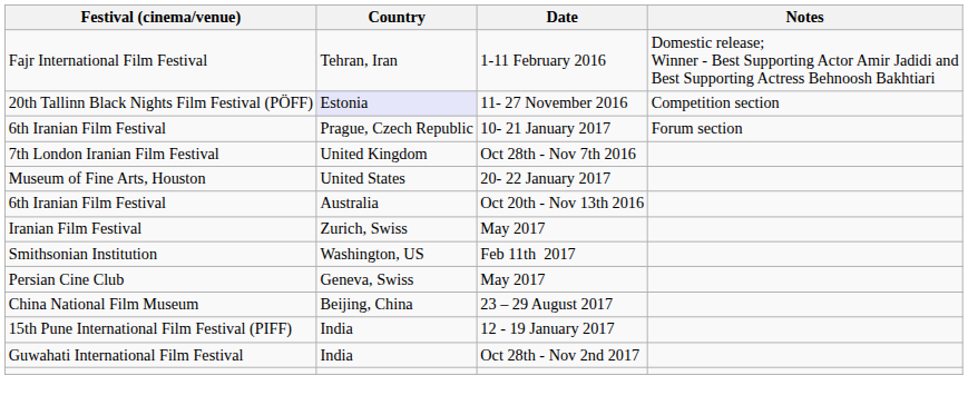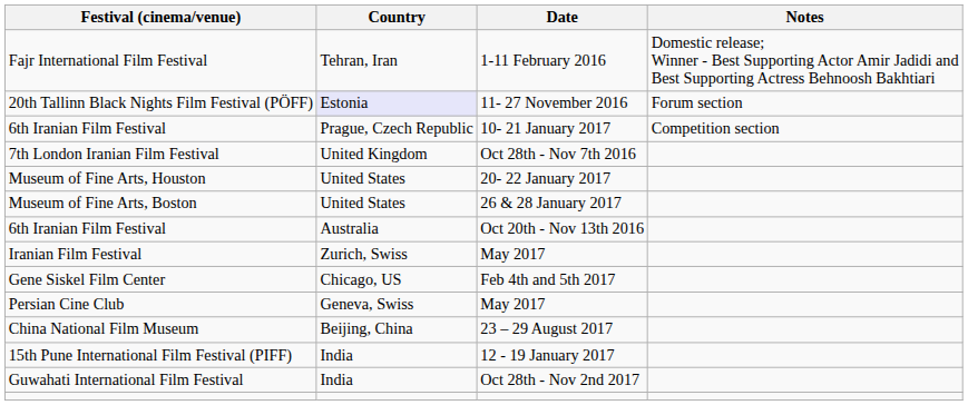 <table class="wikitable">
 <tr>
 <th>Festival (cinema/venue)</th>
 <th>Country</th>
 <th>Date</th>
 <th>Notes</th>
 </tr>
 <tr>
 <td>Fajr International Film Festival</td>
 <td>Tehran, Iran</td>
 <td>1-11 February 2016</td>
 <td>Domestic release;<br>Winner - Best Supporting Actor Amir Jadidi and<br>Best Supporting Actress Behnoosh Bakhtiari</td>
 </tr>
 <tr>
 <td>20th Tallinn Black Nights Film Festival (PÖFF)</td>
 <td style="background: lavender;">Estonia</td>
 <td>11- 27 November 2016</td>
-<td>Competition section</td>
+<td>Forum section</td>
 </tr>
 <tr>
 <td>6th Iranian Film Festival</td>
 <td>Prague, Czech Republic</td>
 <td>10- 21 January 2017</td>
-<td>Forum section</td>
+<td>Competition section</td>
 </tr>
 <tr>
 <td>7th London Iranian Film Festival</td>
 <td>United Kingdom</td>
 <td>Oct 28th - Nov 7th 2016</td>
 <td></td>
 </tr>
 <tr>
 <td>Museum of Fine Arts, Houston</td>
 <td>United States</td>
 <td>20- 22 January 2017</td>
+<td></td>
+</tr>
+<tr>
+<td>Museum of Fine Arts, Boston</td>
+<td>United States</td>
+<td>26 & 28 January 2017</td>
 <td></td>
 </tr>
 <tr>
 <td>6th Iranian Film Festival</td>
 <td>Australia</td>
 <td>Oct 20th - Nov 13th 2016</td>
 <td></td>
 </tr>
 <tr>
 <td>Iranian Film Festival</td>
 <td>Zurich, Swiss</td>
 <td>May 2017</td>
 <td></td>
 </tr>
 <tr>
-<td>Smithsonian Institution</td>
-<td>Washington, US</td>
-<td>Feb ‌‌‌11th  2017</td>
+<td>Gene Siskel Film Center</td>
+<td>Chicago, US</td>
+<td>Feb 4th and 5th 2017</td>
 <td></td>
 </tr>
 <tr>
 <td>Persian Cine Club</td>
 <td>Geneva, Swiss</td>
 <td>May 2017</td>
 <td></td>
 </tr>
 <tr>
 <td>China National Film Museum</td>
 <td>Beijing, China</td>
 <td>23 – 29 August 2017</td>
 <td></td>
 </tr>
 <tr>
 <td>15th Pune International Film Festival (PIFF)</td>
 <td>India</td>
 <td>12 - 19 January 2017</td>
 <td></td>
 </tr>
 <tr>
 <td>Guwahati International Film Festival</td>
 <td>India</td>
 <td>Oct 28th - Nov 2nd 2017</td>
 <td></td>
 </tr>
 <tr>
 <td></td>
 <td></td>
 <td></td>
 <td></td>
 </tr>
 </table>
